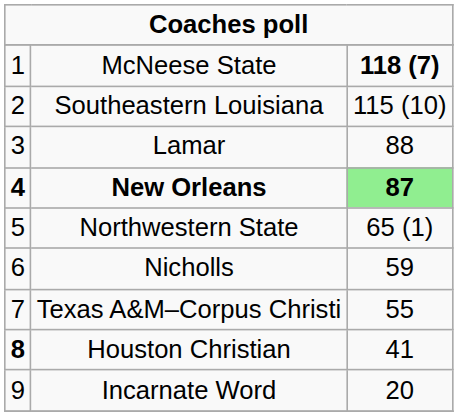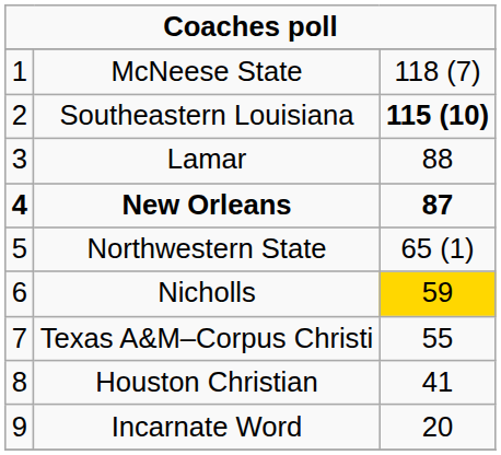 <table class="wikitable">
 <tr align="center">
 <td align="center" Colspan="3"><strong>Coaches poll</strong></td>
 </tr>
 <tr align="center">
 </tr>
 <tr align="center">
 <td>1</td>
 <td>McNeese State</td>
-<td><strong>118 (7)</strong></td>
+<td>118 (7)</td>
 </tr>
 <tr align="center">
 <td>2</td>
 <td>Southeastern Louisiana</td>
-<td>115 (10)</td>
+<td><strong>115 (10)</strong></td>
 </tr>
 <tr align="center">
 <td>3</td>
 <td>Lamar</td>
 <td>88</td>
 </tr>
 <tr align="center">
 <td><strong>4</strong></td>
 <td><strong>New Orleans</strong></td>
-<td style="background: lightgreen;"><strong>87</strong></td>
+<td><strong>87</strong></td>
 </tr>
 <tr align="center">
 <td>5</td>
 <td>Northwestern State</td>
 <td>65 (1)</td>
 </tr>
 <tr align="center">
 <td>6</td>
 <td>Nicholls</td>
-<td>59</td>
+<td style="background: gold;">59</td>
 </tr>
 <tr align="center">
 <td>7</td>
 <td>Texas A&M–Corpus Christi</td>
 <td>55</td>
 </tr>
 <tr align="center">
-<td><strong>8</strong></td>
+<td>8</td>
 <td>Houston Christian</td>
 <td>41</td>
 </tr>
 <tr align="center">
 <td>9</td>
 <td>Incarnate Word</td>
 <td>20</td>
 </tr>
 <tr align="center">
 </tr>
 </table>
